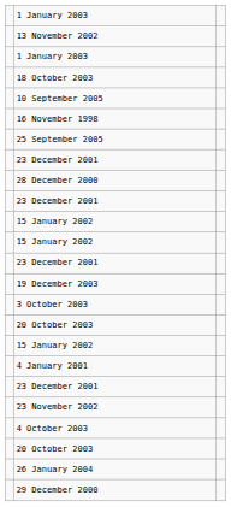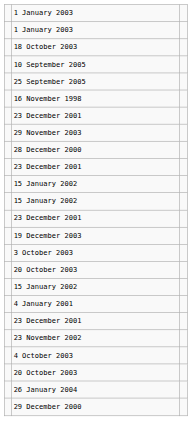 <table class="wikitable" style="font-size: 89%; float: left; width: 26em; margin-right: 1em; line-height: 1.65em !important; height: 675px;">
 <tr>
 <td></td>
 <td>1 January 2003</td>
-<td></td>
-</tr>
-<tr>
-<td></td>
-<td>13 November 2002</td>
 <td></td>
 </tr>
 <tr>
 <td></td>
 <td>1 January 2003</td>
 <td></td>
 </tr>
 <tr>
 <td></td>
 <td>18 October 2003</td>
 <td></td>
 </tr>
 <tr>
 <td></td>
 <td>10 September 2005</td>
 <td></td>
 </tr>
 <tr>
 <td></td>
+<td>25 September 2005</td>
+<td></td>
+</tr>
+<tr>
+<td></td>
 <td>16 November 1998</td>
 <td></td>
 </tr>
 <tr>
 <td></td>
-<td>25 September 2005</td>
+<td>23 December 2001</td>
 <td></td>
 </tr>
 <tr>
 <td></td>
-<td>23 December 2001</td>
+<td>29 November 2003</td>
 <td></td>
 </tr>
 <tr>
 <td></td>
 <td>28 December 2000</td>
 <td></td>
 </tr>
 <tr>
 <td></td>
 <td>23 December 2001</td>
 <td></td>
 </tr>
 <tr>
 <td></td>
 <td>15 January 2002</td>
 <td></td>
 </tr>
 <tr>
 <td></td>
 <td>15 January 2002</td>
 <td></td>
 </tr>
 <tr>
 <td></td>
 <td>23 December 2001</td>
 <td></td>
 </tr>
 <tr>
 <td></td>
 <td>19 December 2003</td>
 <td></td>
 </tr>
 <tr>
 <td></td>
 <td>3 October 2003</td>
 <td></td>
 </tr>
 <tr>
 <td></td>
 <td>20 October 2003</td>
 <td></td>
 </tr>
 <tr>
 <td></td>
 <td>15 January 2002</td>
 <td></td>
 </tr>
 <tr>
 <td></td>
 <td>4 January 2001</td>
 <td></td>
 </tr>
 <tr>
 <td></td>
 <td>23 December 2001</td>
 <td></td>
 </tr>
 <tr>
 <td></td>
 <td>23 November 2002</td>
 <td></td>
 </tr>
 <tr>
 <td></td>
 <td>4 October 2003</td>
 <td></td>
 </tr>
 <tr>
 <td></td>
 <td>20 October 2003</td>
 <td></td>
 </tr>
 <tr>
 <td></td>
 <td>26 January 2004</td>
 <td></td>
 </tr>
 <tr>
 <td></td>
 <td>29 December 2000</td>
 <td></td>
 </tr>
 </table>
